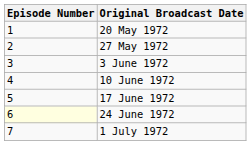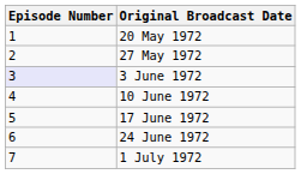 <table class="wikitable">
 <tr>
 <th>Episode Number</th>
 <th>Original Broadcast Date</th>
 </tr>
 <tr>
 <td>1</td>
 <td>20 May 1972</td>
 </tr>
 <tr>
 <td>2</td>
 <td>27 May 1972</td>
 </tr>
 <tr>
-<td>3</td>
+<td style="background: lavender;">3</td>
 <td>3 June 1972</td>
 </tr>
 <tr>
 <td>4</td>
 <td>10 June 1972</td>
 </tr>
 <tr>
 <td>5</td>
 <td>17 June 1972</td>
 </tr>
 <tr>
-<td style="background: lightyellow;">6</td>
+<td>6</td>
 <td>24 June 1972</td>
 </tr>
 <tr>
 <td>7</td>
 <td>1 July 1972</td>
 </tr>
 </table>
